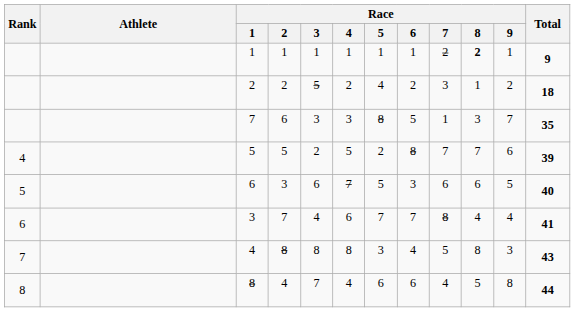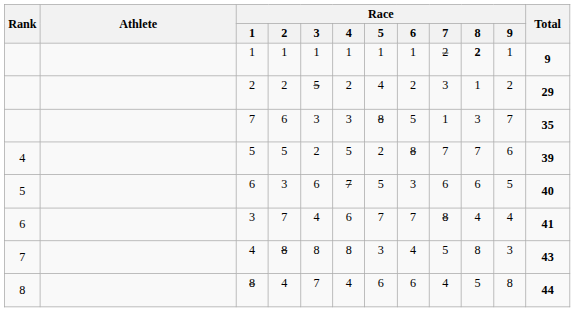 <table | class="wikitable" style="text-align:center;">
 <tr>
 <th rowspan="2" width=40>Rank</th>
 <th rowspan="2" width=250>Athlete</th>
 <th colspan="9">Race</th>
 <th rowspan="2" width=50>Total</th>
 </tr>
 <tr>
 <th width=35>1</th>
 <th width=35>2</th>
 <th width=35>3</th>
 <th width=35>4</th>
 <th width=35>5</th>
 <th width=35>6</th>
 <th width=35>7</th>
 <th width=35>8</th>
 <th width=35>9</th>
 </tr>
 <tr>
 <td></td>
 <td align=left></td>
 <td>1<br> </td>
 <td>1<br> </td>
 <td>1<br> </td>
 <td>1<br> </td>
 <td>1<br> </td>
 <td>1<br> </td>
 <td><s>2</s><br> </td>
 <td><strong>2<br> </strong></td>
 <td>1<br> </td>
 <td><strong>9</strong></td>
 </tr>
 <tr>
 <td></td>
 <td align=left></td>
 <td>2<br> </td>
 <td>2<br> </td>
 <td><s>5</s><br> </td>
 <td>2<br> </td>
 <td>4<br> </td>
 <td>2<br> </td>
 <td>3<br> </td>
 <td>1<br> </td>
 <td>2<br> </td>
-<td><strong>18</strong></td>
+<td><strong>29</strong></td>
 </tr>
 <tr>
 <td></td>
 <td align=left></td>
 <td>7<br> </td>
 <td>6<br> </td>
 <td>3<br> </td>
 <td>3<br> </td>
 <td><s>8</s><br> </td>
 <td>5<br> </td>
 <td>1<br> </td>
 <td>3<br> </td>
 <td>7<br> </td>
 <td><strong>35</strong></td>
 </tr>
 <tr>
 <td>4</td>
 <td align=left></td>
 <td>5<br> </td>
 <td>5<br> </td>
 <td>2<br> </td>
 <td>5<br> </td>
 <td>2<br> </td>
 <td><s>8</s><br> </td>
 <td>7<br> </td>
 <td>7<br> </td>
 <td>6<br> </td>
 <td><strong>39</strong></td>
 </tr>
 <tr>
 <td>5</td>
 <td align=left></td>
 <td>6<br> </td>
 <td>3<br> </td>
 <td>6<br> </td>
 <td><s>7</s><br> </td>
 <td>5<br> </td>
 <td>3<br> </td>
 <td>6<br> </td>
 <td>6<br> </td>
 <td>5<br> </td>
 <td><strong>40</strong></td>
 </tr>
 <tr>
 <td>6</td>
 <td align=left></td>
 <td>3<br> </td>
 <td>7<br> </td>
 <td>4<br> </td>
 <td>6<br> </td>
 <td>7<br> </td>
 <td>7<br> </td>
 <td><s>8</s><br> </td>
 <td>4<br> </td>
 <td>4<br> </td>
 <td><strong>41</strong></td>
 </tr>
 <tr>
 <td>7</td>
 <td align=left></td>
 <td>4<br> </td>
 <td><s>8</s><br> </td>
 <td>8<br> </td>
 <td>8<br> </td>
 <td>3<br> </td>
 <td>4<br> </td>
 <td>5<br> </td>
 <td>8<br> </td>
 <td>3<br> </td>
 <td><strong>43</strong></td>
 </tr>
 <tr>
 <td>8</td>
 <td align=left></td>
 <td><s>8</s><br> </td>
 <td>4<br> </td>
 <td>7<br> </td>
 <td>4<br> </td>
 <td>6<br> </td>
 <td>6<br> </td>
 <td>4<br> </td>
 <td>5<br> </td>
 <td>8<br> </td>
 <td><strong>44</strong></td>
 </tr>
 </table>
